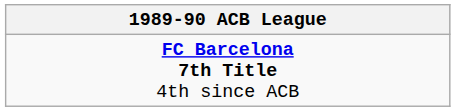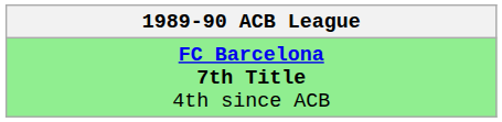 <table class="wikitable" style="margin: 0 auto; width: 20%;">
 <tr>
 <th>1989-90 ACB League</th>
 </tr>
 <tr>
-<td align=center><strong><a href='#'>FC Barcelona</a></strong><br><strong>7th Title</strong> <br>4th since ACB</td>
+<td align=center style="background: lightgreen;"><strong><a href='#'>FC Barcelona</a></strong><br><strong>7th Title</strong> <br>4th since ACB</td>
 </tr>
 </table>
